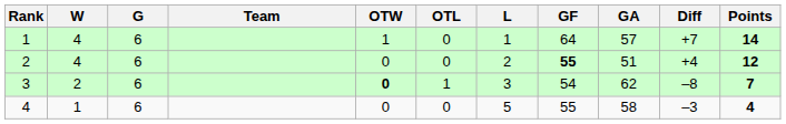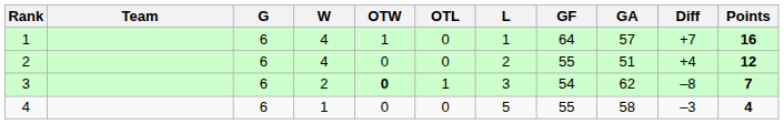 <table class=wikitable style="text-align:center">
 <tr>
 <th width="25">Rank</th>
+<th width="200">Team</th>
+<th width="60">G</th>
 <th width="60">W</th>
-<th width="60">G</th>
-<th width="200">Team</th>
 <th width="60">OTW</th>
 <th width="60">OTL</th>
 <th width="60">L</th>
 <th width="60">GF</th>
 <th width="60">GA</th>
 <th width="60">Diff</th>
 <th width="60">Points</th>
 </tr>
 <tr bgcolor=#CCFFCC>
 <td>1</td>
+<td align=left></td>
+<td>6</td>
 <td>4</td>
-<td>6</td>
-<td align=left></td>
 <td>1</td>
 <td>0</td>
 <td>1</td>
 <td>64</td>
 <td>57</td>
 <td>+7</td>
-<td><strong>14</strong></td>
+<td><strong>16</strong></td>
 </tr>
 <tr bgcolor=#CCFFCC>
 <td>2</td>
+<td align=left></td>
+<td>6</td>
 <td>4</td>
-<td>6</td>
-<td align=left></td>
 <td>0</td>
 <td>0</td>
 <td>2</td>
-<td><strong>55</strong></td>
+<td>55</td>
 <td>51</td>
 <td>+4</td>
 <td><strong>12</strong></td>
 </tr>
 <tr bgcolor=#CCFFCC>
 <td>3</td>
+<td align=left></td>
+<td>6</td>
 <td>2</td>
-<td>6</td>
-<td align=left></td>
 <td><strong>0</strong></td>
 <td>1</td>
 <td>3</td>
 <td>54</td>
 <td>62</td>
 <td>–8</td>
 <td><strong>7</strong></td>
 </tr>
 <tr>
 <td>4</td>
+<td align=left></td>
+<td>6</td>
 <td>1</td>
-<td>6</td>
-<td align=left></td>
 <td>0</td>
 <td>0</td>
 <td>5</td>
 <td>55</td>
 <td>58</td>
 <td>–3</td>
 <td><strong>4</strong></td>
 </tr>
 </table>
